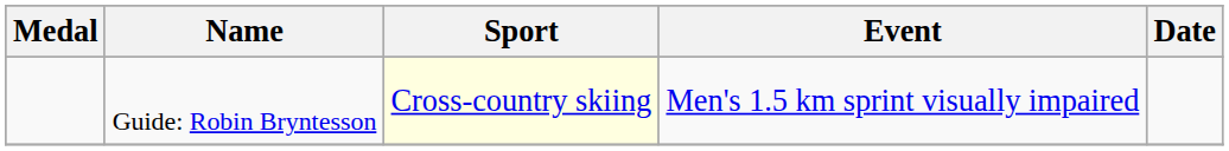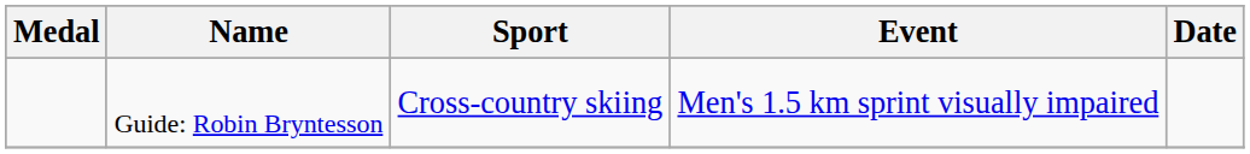 <table class="wikitable sortable" style="font-size:95%;">
 <tr>
 <th>Medal</th>
 <th>Name</th>
 <th>Sport</th>
 <th>Event</th>
 <th>Date</th>
 </tr>
 <tr>
 <td></td>
 <td><br><small>Guide: <a href='#'>Robin Bryntesson</a></small></td>
-<td style="background: lightyellow;"><a href='#'>Cross-country skiing</a></td>
+<td><a href='#'>Cross-country skiing</a></td>
 <td><a href='#'>Men's 1.5 km sprint visually impaired</a></td>
 <td></td>
 </tr>
 <tr>
 </tr>
 </table>
